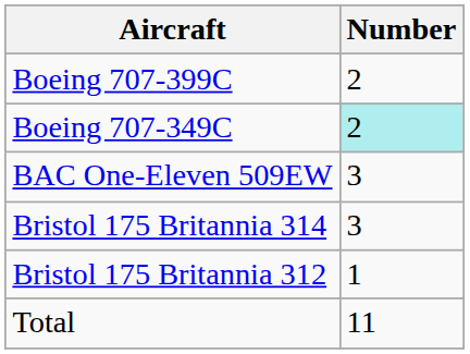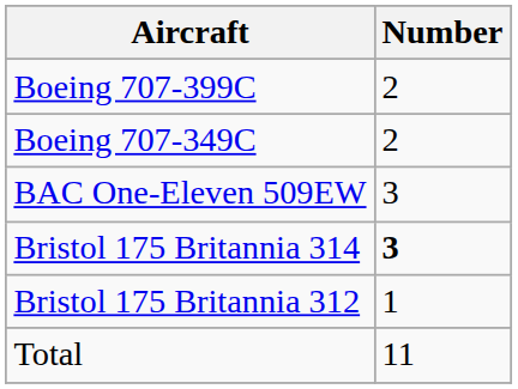 <table class="wikitable">
 <tr>
 <th>Aircraft</th>
 <th>Number</th>
 </tr>
 <tr>
 <td><a href='#'>Boeing 707-399C</a></td>
 <td>2</td>
 </tr>
 <tr>
 <td><a href='#'>Boeing 707-349C</a></td>
-<td style="background: paleturquoise;">2</td>
+<td>2</td>
 </tr>
 <tr>
 <td><a href='#'>BAC One-Eleven 509EW</a></td>
 <td>3</td>
 </tr>
 <tr>
 <td><a href='#'>Bristol 175 Britannia 314</a></td>
-<td>3</td>
+<td><strong>3</strong></td>
 </tr>
 <tr>
 <td><a href='#'>Bristol 175 Britannia 312</a></td>
 <td>1</td>
 </tr>
 <tr>
 <td>Total</td>
 <td>11</td>
 </tr>
 </table>
